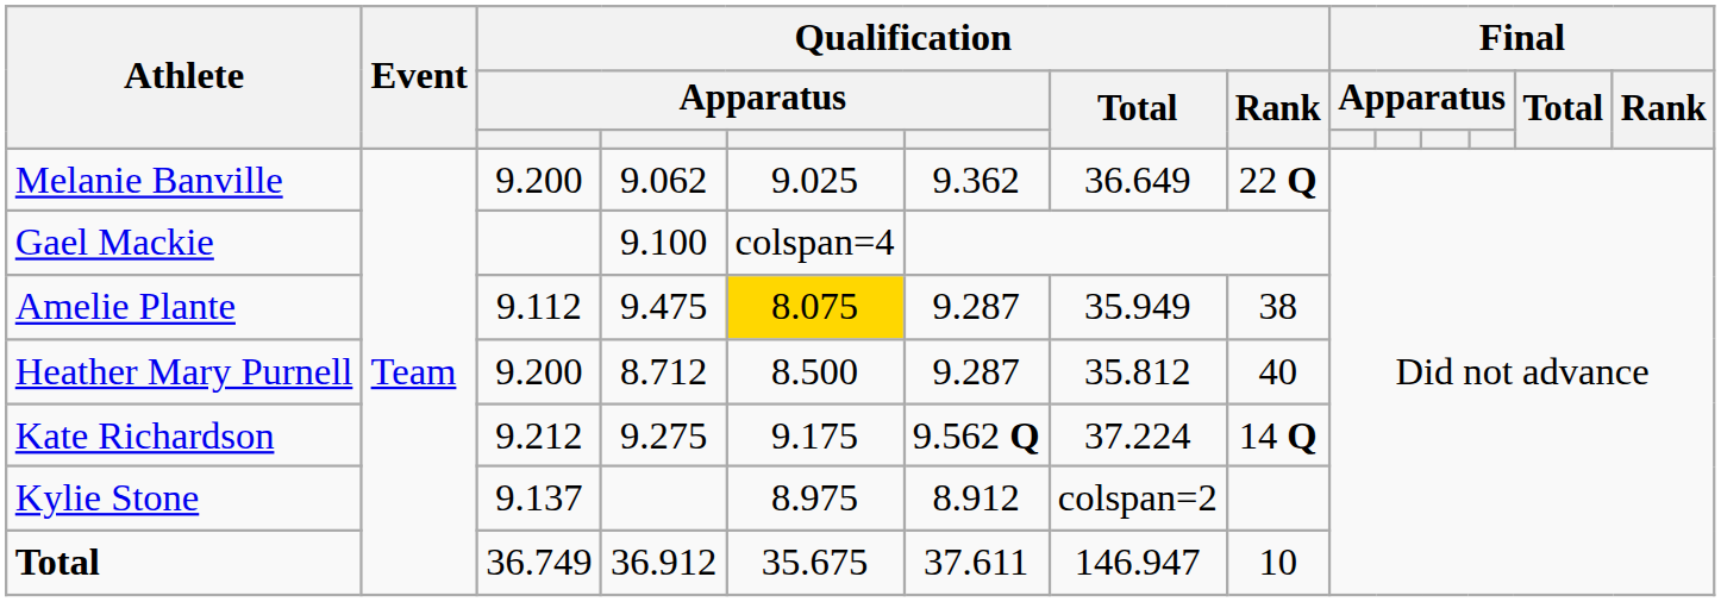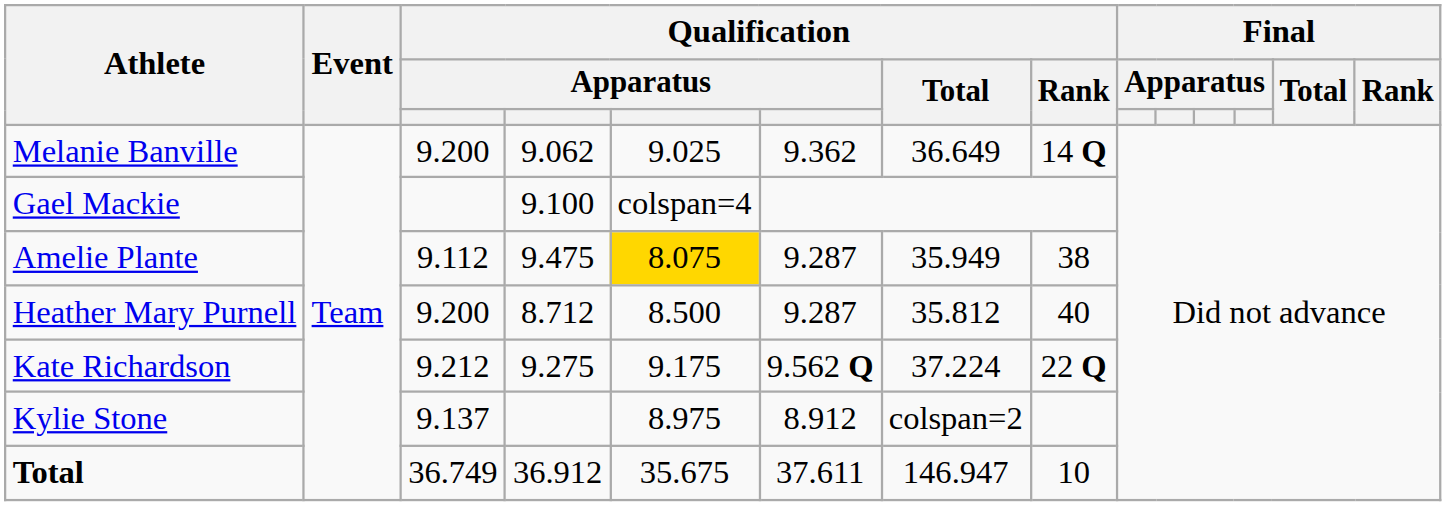 <table class="wikitable" style="font-size:90%">
 <tr>
 <th rowspan=3>Athlete</th>
 <th rowspan=3>Event</th>
 <th colspan=6>Qualification</th>
 <th colspan=6>Final</th>
 </tr>
 <tr style="font-size:95%">
 <th colspan=4>Apparatus</th>
 <th rowspan=2>Total</th>
 <th rowspan=2>Rank</th>
 <th colspan=4>Apparatus</th>
 <th rowspan=2>Total</th>
 <th rowspan=2>Rank</th>
 </tr>
 <tr style="font-size:95%">
 <th></th>
 <th></th>
 <th></th>
 <th></th>
 <th></th>
 <th></th>
 <th></th>
 <th></th>
 </tr>
 <tr align=center>
 <td align=left><a href='#'>Melanie Banville</a></td>
 <td align=left rowspan=7><a href='#'>Team</a></td>
 <td>9.200</td>
 <td>9.062</td>
 <td>9.025</td>
 <td>9.362</td>
 <td>36.649</td>
-<td>22 <strong>Q</strong></td>
+<td>14 <strong>Q</strong></td>
 <td colspan=6 rowspan=7>Did not advance</td>
 </tr>
 <tr align=center>
 <td align=left><a href='#'>Gael Mackie</a></td>
 <td></td>
 <td>9.100</td>
 <td>colspan=4 </td>
 </tr>
 <tr align=center>
 <td align=left><a href='#'>Amelie Plante</a></td>
 <td>9.112</td>
 <td>9.475</td>
 <td style="background: gold;">8.075</td>
 <td>9.287</td>
 <td>35.949</td>
 <td>38</td>
 </tr>
 <tr align=center>
 <td align=left><a href='#'>Heather Mary Purnell</a></td>
 <td>9.200</td>
 <td>8.712</td>
 <td>8.500</td>
 <td>9.287</td>
 <td>35.812</td>
 <td>40</td>
 </tr>
 <tr align=center>
 <td align=left><a href='#'>Kate Richardson</a></td>
 <td>9.212</td>
 <td>9.275</td>
 <td>9.175</td>
 <td>9.562 <strong>Q</strong></td>
 <td>37.224</td>
-<td>14 <strong>Q</strong></td>
+<td>22 <strong>Q</strong></td>
 </tr>
 <tr align=center>
 <td align=left><a href='#'>Kylie Stone</a></td>
 <td>9.137</td>
 <td></td>
 <td>8.975</td>
 <td>8.912</td>
 <td>colspan=2 </td>
 </tr>
 <tr align=center>
 <td align=left><strong>Total</strong></td>
 <td>36.749</td>
 <td>36.912</td>
 <td>35.675</td>
 <td>37.611</td>
 <td>146.947</td>
 <td>10</td>
 </tr>
 </table>
